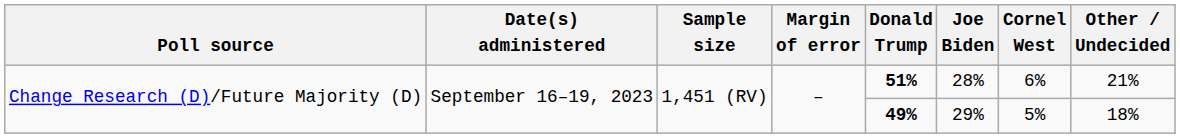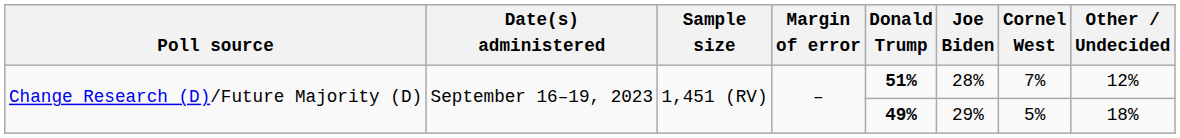 <table class="wikitable sortable mw-datatable" style="font-size:90%;text-align:center;line-height:17px">
 <tr valign=bottom>
 <th>Poll source</th>
 <th>Date(s)<br>administered</th>
 <th>Sample<br>size</th>
 <th>Margin<br>of error</th>
 <th class="unsortable">Donald<br>Trump<br></th>
 <th class="unsortable">Joe<br>Biden<br></th>
 <th class="unsortable">Cornel<br>West<br></th>
 <th class="unsortable">Other /<br>Undecided</th>
 </tr>
 <tr>
 <td style="text-align:left;" rowspan="2"><a href='#'>Change Research (D)</a>/Future Majority (D)</td>
 <td rowspan="2">September 16–19, 2023</td>
 <td rowspan="2">1,451 (RV)</td>
 <td rowspan="2">–</td>
 <td style="background-color:"><strong>51%</strong></td>
 <td>28%</td>
-<td>6%</td>
-<td>21%</td>
+<td>7%</td>
+<td>12%</td>
 </tr>
 <tr>
 <td style="background-color:"><strong>49%</strong></td>
 <td>29%</td>
 <td>5%</td>
 <td>18%</td>
 </tr>
 </table>
